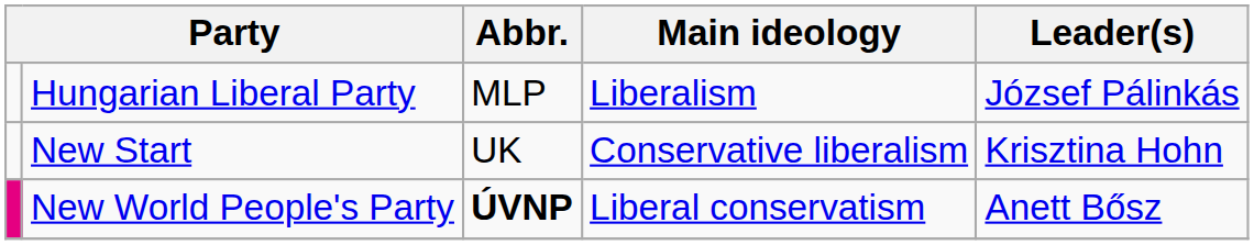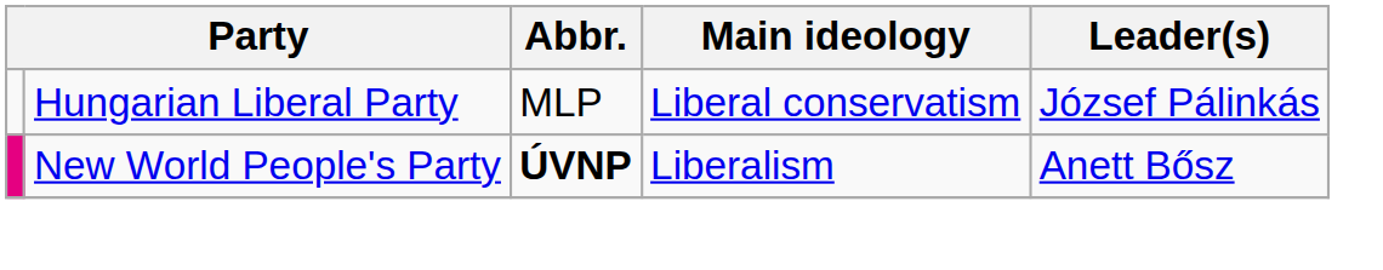 <table class=wikitable style=text-align:left>
 <tr>
 <th colspan=2>Party</th>
 <th>Abbr.</th>
 <th>Main ideology</th>
 <th>Leader(s)</th>
 </tr>
 <tr>
 <td></td>
 <td><a href='#'>Hungarian Liberal Party</a></td>
 <td>MLP</td>
-<td><a href='#'>Liberalism</a></td>
+<td><a href='#'>Liberal conservatism</a></td>
 <td><a href='#'>József Pálinkás</a></td>
-</tr>
-<tr>
-<td></td>
-<td><a href='#'>New Start</a></td>
-<td>UK</td>
-<td><a href='#'>Conservative liberalism</a></td>
-<td><a href='#'>Krisztina Hohn</a></td>
 </tr>
 <tr>
 <td bgcolor="#e50081"></td>
 <td><a href='#'>New World People's Party</a></td>
 <td><strong>ÚVNP</strong></td>
-<td><a href='#'>Liberal conservatism</a></td>
+<td><a href='#'>Liberalism</a></td>
 <td><a href='#'>Anett Bősz</a></td>
 </tr>
 <tr>
 </tr>
 </table>
